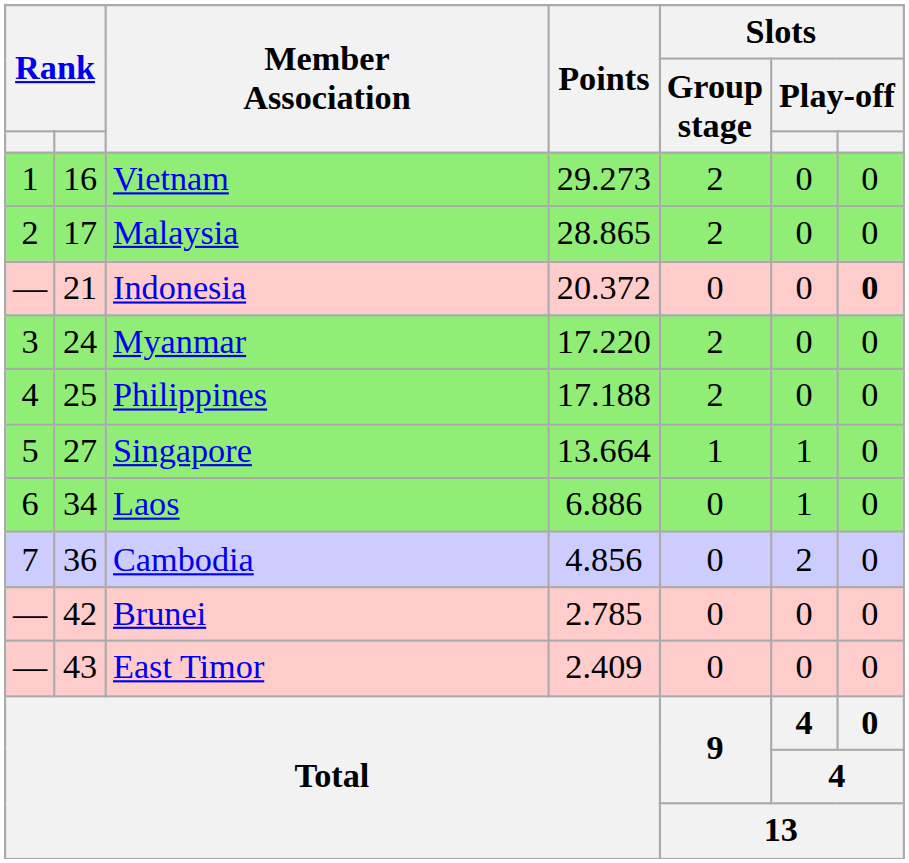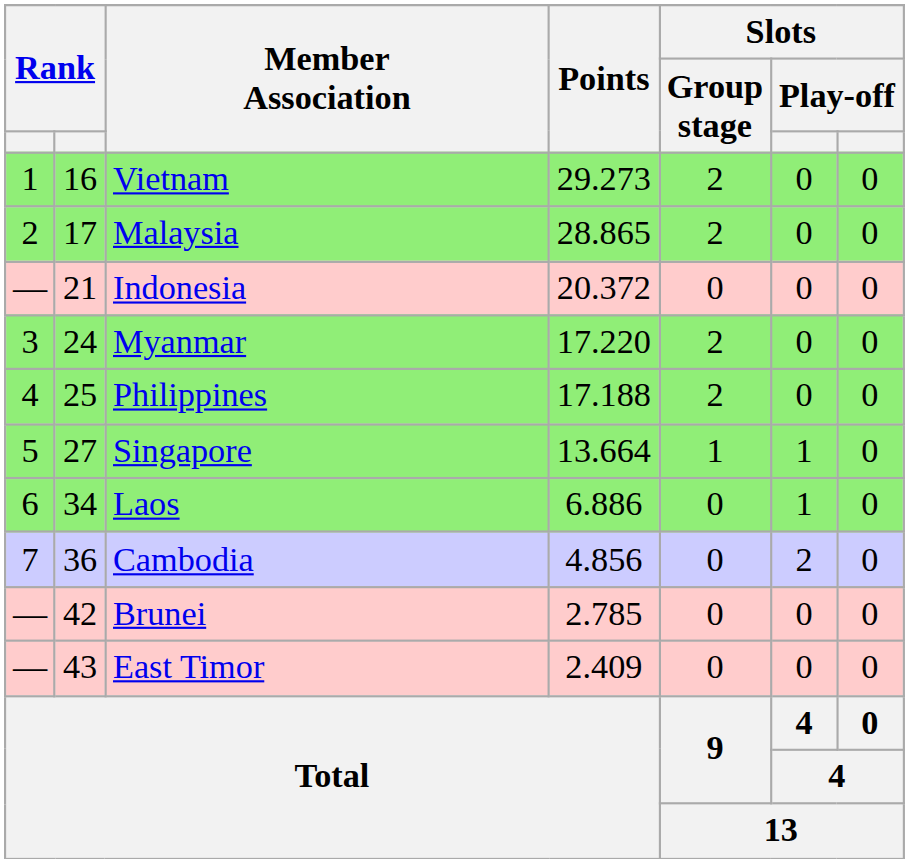 <table class="wikitable" style="text-align:center">
 <tr>
 </tr>
 <tr>
 <th colspan=2 rowspan=2><a href='#'>Rank</a></th>
 <th rowspan=3 width=200>Member<br>Association</th>
 <th rowspan=3>Points</th>
 <th colspan=4>Slots</th>
 </tr>
 <tr>
 <th rowspan=2>Group<br>stage</th>
 <th colspan=2>Play-off</th>
 </tr>
 <tr>
 <th></th>
 <th></th>
 <th></th>
 <th></th>
 </tr>
 <tr bgcolor=#90ee77>
 <td>1</td>
 <td>16</td>
 <td align=left> <a href='#'>Vietnam</a></td>
 <td>29.273</td>
 <td>2</td>
 <td>0</td>
 <td>0</td>
 </tr>
 <tr bgcolor=#90ee77>
 <td>2</td>
 <td>17</td>
 <td align=left> <a href='#'>Malaysia</a></td>
 <td>28.865</td>
 <td>2</td>
 <td>0</td>
 <td>0</td>
 </tr>
 <tr bgcolor=#ffcccc>
 <td>—</td>
 <td>21</td>
 <td align=left> <a href='#'>Indonesia</a></td>
 <td>20.372</td>
 <td>0</td>
 <td>0</td>
-<td><strong>0</strong></td>
+<td>0</td>
 </tr>
 <tr bgcolor=#90ee77>
 <td>3</td>
 <td>24</td>
 <td align=left> <a href='#'>Myanmar</a></td>
 <td>17.220</td>
 <td>2</td>
 <td>0</td>
 <td>0</td>
 </tr>
 <tr bgcolor=#90ee77>
 <td>4</td>
 <td>25</td>
 <td align=left> <a href='#'>Philippines</a></td>
 <td>17.188</td>
 <td>2</td>
 <td>0</td>
 <td>0</td>
 </tr>
 <tr bgcolor=#90ee77>
 <td>5</td>
 <td>27</td>
 <td align=left> <a href='#'>Singapore</a></td>
 <td>13.664</td>
 <td>1</td>
 <td>1</td>
 <td>0</td>
 </tr>
 <tr bgcolor=#90ee77>
 <td>6</td>
 <td>34</td>
 <td align=left> <a href='#'>Laos</a></td>
 <td>6.886</td>
 <td>0</td>
 <td>1</td>
 <td>0</td>
 </tr>
 <tr bgcolor=#ccccff>
 <td>7</td>
 <td>36</td>
 <td align=left> <a href='#'>Cambodia</a></td>
 <td>4.856</td>
 <td>0</td>
 <td>2</td>
 <td>0</td>
 </tr>
 <tr bgcolor=#ffcccc>
 <td>—</td>
 <td>42</td>
 <td align=left> <a href='#'>Brunei</a></td>
 <td>2.785</td>
 <td>0</td>
 <td>0</td>
 <td>0</td>
 </tr>
 <tr bgcolor=#ffcccc>
 <td>—</td>
 <td>43</td>
 <td align=left> <a href='#'>East Timor</a></td>
 <td>2.409</td>
 <td>0</td>
 <td>0</td>
 <td>0</td>
 </tr>
 <tr>
 <th colspan=4 rowspan=3>Total</th>
 <th rowspan=2>9</th>
 <th>4</th>
 <th>0</th>
 </tr>
 <tr>
 <th colspan=2>4</th>
 </tr>
 <tr>
 <th colspan=3>13</th>
 </tr>
 </table>
